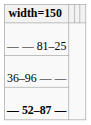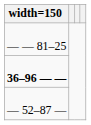 <table class="wikitable" style="text-align:center;">
 <tr>
 <th>width=150 </th>
 <th></th>
 <th></th>
 <th></th>
 </tr>
 <tr>
 <td style="text-align:left;"><br> —  —  81–25</td>
 </tr>
 <tr>
-<td style="text-align:left;"><br> 36–96  —  —</td>
+<td style="text-align:left;"><strong><br> 36–96  —  —</strong></td>
 </tr>
 <tr>
-<td style="text-align:left;"><strong><br> —  52–87  —</strong></td>
+<td style="text-align:left;"><br> —  52–87  —</td>
 </tr>
 </table>
